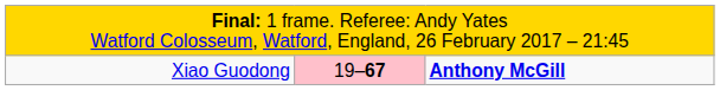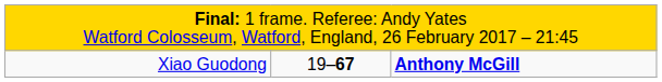 <table class="wikitable" style="font-size: 95%; margin: 1em auto 1em auto;">
 <tr>
 <td colspan="3" align="center" bgcolor="#ffd700"><strong>Final:</strong> 1 frame. Referee: Andy Yates<br> <a href='#'>Watford Colosseum</a>, <a href='#'>Watford</a>, England, 26 February 2017 – 21:45</td>
 </tr>
 <tr>
 <td width="230" align="right"><a href='#'>Xiao Guodong</a><br></td>
-<td width="100" align="center" style="background: pink;">19–<strong>67</strong></td>
+<td width="100" align="center">19–<strong>67</strong></td>
 <td width="230"><strong><a href='#'>Anthony McGill</a></strong><br></td>
 </tr>
 </table>
